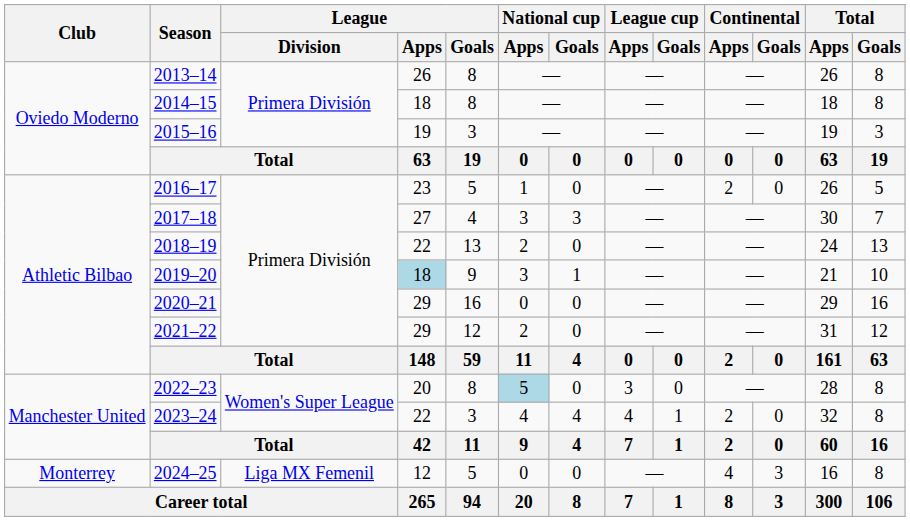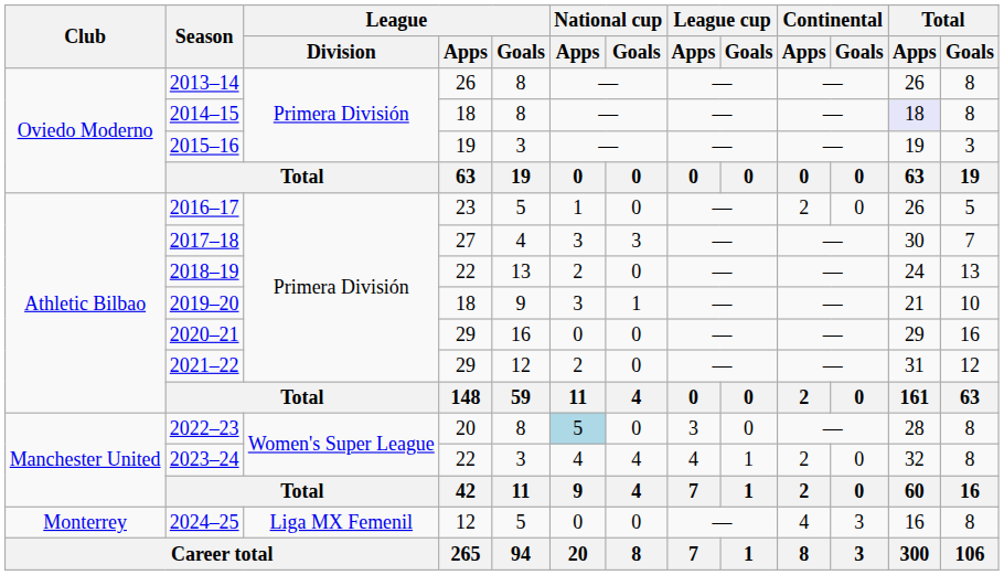 <table class="wikitable" style="text-align:center">
 <tr>
 <th rowspan="2">Club</th>
 <th rowspan="2">Season</th>
 <th colspan="3">League</th>
 <th colspan="2">National cup</th>
 <th colspan="2">League cup</th>
 <th colspan="2">Continental</th>
 <th colspan="2">Total</th>
 </tr>
 <tr>
 <th>Division</th>
 <th>Apps</th>
 <th>Goals</th>
 <th>Apps</th>
 <th>Goals</th>
 <th>Apps</th>
 <th>Goals</th>
 <th>Apps</th>
 <th>Goals</th>
 <th>Apps</th>
 <th>Goals</th>
 </tr>
 <tr>
 <td rowspan="4"><a href='#'>Oviedo Moderno</a></td>
 <td><a href='#'>2013–14</a></td>
 <td rowspan="3"><a href='#'>Primera División</a></td>
 <td>26</td>
 <td>8</td>
 <td colspan="2">—</td>
 <td colspan="2">—</td>
 <td colspan="2">—</td>
 <td>26</td>
 <td>8</td>
 </tr>
 <tr>
 <td><a href='#'>2014–15</a></td>
 <td>18</td>
 <td>8</td>
 <td colspan="2">—</td>
 <td colspan="2">—</td>
 <td colspan="2">—</td>
-<td>18</td>
+<td style="background: lavender;">18</td>
 <td>8</td>
 </tr>
 <tr>
 <td><a href='#'>2015–16</a></td>
 <td>19</td>
 <td>3</td>
 <td colspan="2">—</td>
 <td colspan="2">—</td>
 <td colspan="2">—</td>
 <td>19</td>
 <td>3</td>
 </tr>
 <tr>
 <th colspan="2">Total</th>
 <th>63</th>
 <th>19</th>
 <th>0</th>
 <th>0</th>
 <th>0</th>
 <th>0</th>
 <th>0</th>
 <th>0</th>
 <th>63</th>
 <th>19</th>
 </tr>
 <tr>
 <td rowspan="7"><a href='#'>Athletic Bilbao</a></td>
 <td><a href='#'>2016–17</a></td>
 <td rowspan="6">Primera División</td>
 <td>23</td>
 <td>5</td>
 <td>1</td>
 <td>0</td>
 <td colspan="2">—</td>
 <td>2</td>
 <td>0</td>
 <td>26</td>
 <td>5</td>
 </tr>
 <tr>
 <td><a href='#'>2017–18</a></td>
 <td>27</td>
 <td>4</td>
 <td>3</td>
 <td>3</td>
 <td colspan="2">—</td>
 <td colspan="2">—</td>
 <td>30</td>
 <td>7</td>
 </tr>
 <tr>
 <td><a href='#'>2018–19</a></td>
 <td>22</td>
 <td>13</td>
 <td>2</td>
 <td>0</td>
 <td colspan="2">—</td>
 <td colspan="2">—</td>
 <td>24</td>
 <td>13</td>
 </tr>
 <tr>
 <td><a href='#'>2019–20</a></td>
-<td style="background: lightblue;">18</td>
+<td>18</td>
 <td>9</td>
 <td>3</td>
 <td>1</td>
 <td colspan="2">—</td>
 <td colspan="2">—</td>
 <td>21</td>
 <td>10</td>
 </tr>
 <tr>
 <td><a href='#'>2020–21</a></td>
 <td>29</td>
 <td>16</td>
 <td>0</td>
 <td>0</td>
 <td colspan="2">—</td>
 <td colspan="2">—</td>
 <td>29</td>
 <td>16</td>
 </tr>
 <tr>
 <td><a href='#'>2021–22</a></td>
 <td>29</td>
 <td>12</td>
 <td>2</td>
 <td>0</td>
 <td colspan="2">—</td>
 <td colspan="2">—</td>
 <td>31</td>
 <td>12</td>
 </tr>
 <tr>
 <th colspan="2">Total</th>
 <th>148</th>
 <th>59</th>
 <th>11</th>
 <th>4</th>
 <th>0</th>
 <th>0</th>
 <th>2</th>
 <th>0</th>
 <th>161</th>
 <th>63</th>
 </tr>
 <tr>
 <td rowspan="3"><a href='#'>Manchester United</a></td>
 <td><a href='#'>2022–23</a></td>
 <td rowspan="2"><a href='#'>Women's Super League</a></td>
 <td>20</td>
 <td>8</td>
 <td style="background: lightblue;">5</td>
 <td>0</td>
 <td>3</td>
 <td>0</td>
 <td colspan="2">—</td>
 <td>28</td>
 <td>8</td>
 </tr>
 <tr>
 <td><a href='#'>2023–24</a></td>
 <td>22</td>
 <td>3</td>
 <td>4</td>
 <td>4</td>
 <td>4</td>
 <td>1</td>
 <td>2</td>
 <td>0</td>
 <td>32</td>
 <td>8</td>
 </tr>
 <tr>
 <th colspan="2">Total</th>
 <th>42</th>
 <th>11</th>
 <th>9</th>
 <th>4</th>
 <th>7</th>
 <th>1</th>
 <th>2</th>
 <th>0</th>
 <th>60</th>
 <th>16</th>
 </tr>
 <tr>
 <td><a href='#'>Monterrey</a></td>
 <td><a href='#'>2024–25</a></td>
 <td><a href='#'>Liga MX Femenil</a></td>
 <td>12</td>
 <td>5</td>
 <td>0</td>
 <td>0</td>
 <td colspan="2">—</td>
 <td>4</td>
 <td>3</td>
 <td>16</td>
 <td>8</td>
 </tr>
 <tr>
 <th colspan="3">Career total</th>
 <th>265</th>
 <th>94</th>
 <th>20</th>
 <th>8</th>
 <th>7</th>
 <th>1</th>
 <th>8</th>
 <th>3</th>
 <th>300</th>
 <th>106</th>
 </tr>
 </table>
